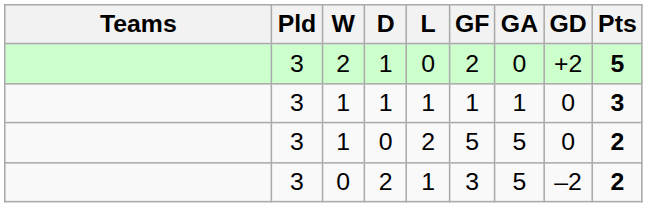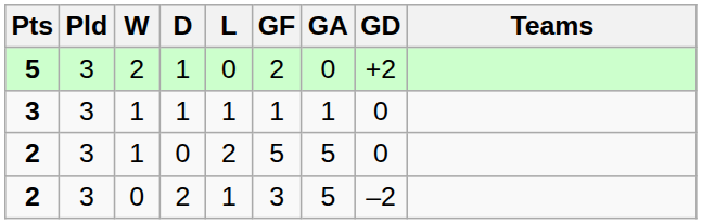 <table class="wikitable" style="text-align: center;">
 <tr>
-<th width=165>Teams</th>
+<th width=20>Pts</th>
 <th width=20>Pld</th>
 <th width=20>W</th>
 <th width=20>D</th>
 <th width=20>L</th>
 <th width=20>GF</th>
 <th width=20>GA</th>
 <th width=20>GD</th>
-<th width=20>Pts</th>
+<th width=165>Teams</th>
 </tr>
 <tr align=center style="background:#ccffcc;">
-<td style="text-align:left;"></td>
+<td><strong>5</strong></td>
 <td>3</td>
 <td>2</td>
 <td>1</td>
 <td>0</td>
 <td>2</td>
 <td>0</td>
 <td>+2</td>
-<td><strong>5</strong></td>
+<td style="text-align:left;"></td>
 </tr>
 <tr align=center>
-<td style="text-align:left;"></td>
+<td><strong>3</strong></td>
 <td>3</td>
 <td>1</td>
 <td>1</td>
 <td>1</td>
 <td>1</td>
 <td>1</td>
 <td>0</td>
-<td><strong>3</strong></td>
+<td style="text-align:left;"></td>
 </tr>
 <tr align=center>
-<td style="text-align:left;"></td>
+<td><strong>2</strong></td>
 <td>3</td>
 <td>1</td>
 <td>0</td>
 <td>2</td>
 <td>5</td>
 <td>5</td>
 <td>0</td>
-<td><strong>2</strong></td>
+<td style="text-align:left;"></td>
 </tr>
 <tr align=center>
-<td style="text-align:left;"></td>
+<td><strong>2</strong></td>
 <td>3</td>
 <td>0</td>
 <td>2</td>
 <td>1</td>
 <td>3</td>
 <td>5</td>
 <td>–2</td>
-<td><strong>2</strong></td>
+<td style="text-align:left;"></td>
 </tr>
 </table>
